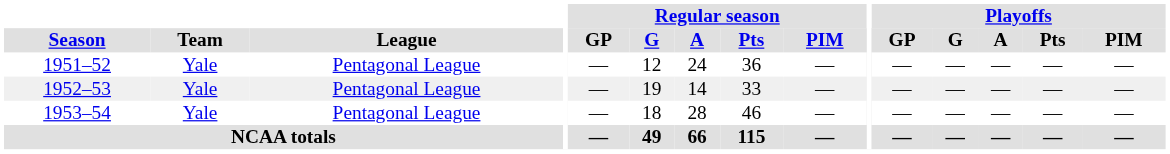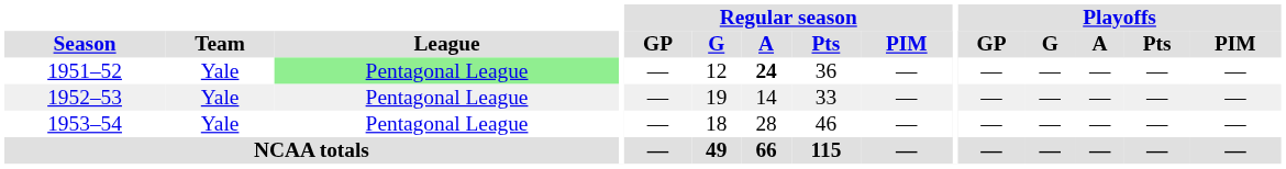 <table border="0" cellpadding="1" cellspacing="0" style="text-align:center; width:60em">
 <tr bgcolor="#e0e0e0">
 <th colspan="3" bgcolor="#ffffff"></th>
 <th rowspan="99" bgcolor="#ffffff"></th>
 <th colspan="5"><a href='#'>Regular season</a></th>
 <th rowspan="99" bgcolor="#ffffff"></th>
 <th colspan="5"><a href='#'>Playoffs</a></th>
 </tr>
 <tr bgcolor="#e0e0e0">
 <th><a href='#'>Season</a></th>
 <th>Team</th>
 <th>League</th>
 <th>GP</th>
 <th><a href='#'>G</a></th>
 <th><a href='#'>A</a></th>
 <th><a href='#'>Pts</a></th>
 <th><a href='#'>PIM</a></th>
 <th>GP</th>
 <th>G</th>
 <th>A</th>
 <th>Pts</th>
 <th>PIM</th>
 </tr>
 <tr>
 <td><a href='#'>1951–52</a></td>
 <td><a href='#'>Yale</a></td>
-<td><a href='#'>Pentagonal League</a></td>
+<td style="background: lightgreen;"><a href='#'>Pentagonal League</a></td>
 <td>—</td>
 <td>12</td>
-<td>24</td>
+<td><strong>24</strong></td>
 <td>36</td>
 <td>—</td>
 <td>—</td>
 <td>—</td>
 <td>—</td>
 <td>—</td>
 <td>—</td>
 </tr>
 <tr bgcolor="f0f0f0">
 <td><a href='#'>1952–53</a></td>
 <td><a href='#'>Yale</a></td>
 <td><a href='#'>Pentagonal League</a></td>
 <td>—</td>
 <td>19</td>
 <td>14</td>
 <td>33</td>
 <td>—</td>
 <td>—</td>
 <td>—</td>
 <td>—</td>
 <td>—</td>
 <td>—</td>
 </tr>
 <tr>
 <td><a href='#'>1953–54</a></td>
 <td><a href='#'>Yale</a></td>
 <td><a href='#'>Pentagonal League</a></td>
 <td>—</td>
 <td>18</td>
 <td>28</td>
 <td>46</td>
 <td>—</td>
 <td>—</td>
 <td>—</td>
 <td>—</td>
 <td>—</td>
 <td>—</td>
 </tr>
 <tr bgcolor="#e0e0e0">
 <th colspan="3">NCAA totals</th>
 <th>—</th>
 <th>49</th>
 <th>66</th>
 <th>115</th>
 <th>—</th>
 <th>—</th>
 <th>—</th>
 <th>—</th>
 <th>—</th>
 <th>—</th>
 </tr>
 </table>
